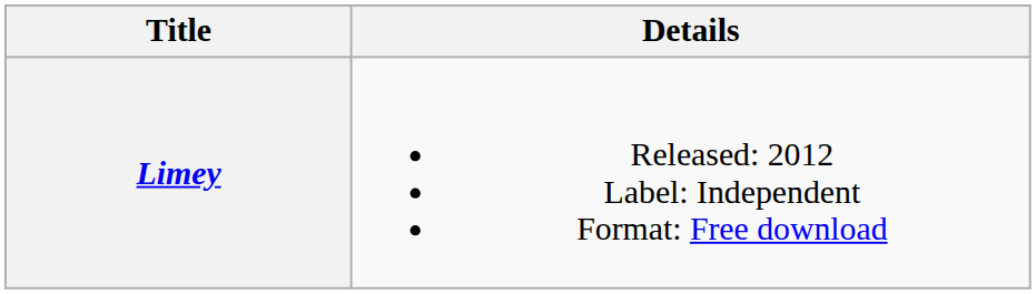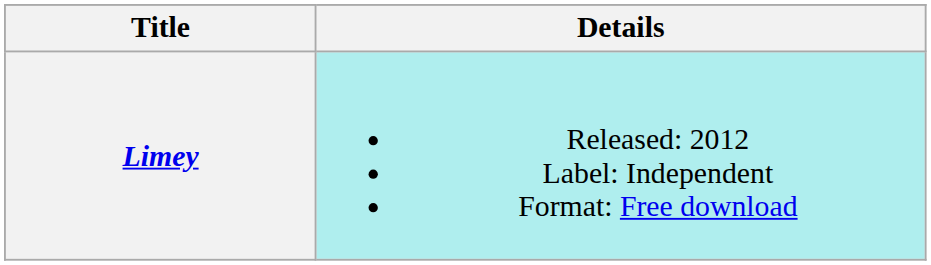 <table class="wikitable plainrowheaders" style="text-align:center;">
 <tr>
 <th scope="col" style="width:10em;">Title</th>
 <th scope="col" style="width:20em;">Details</th>
 </tr>
 <tr>
 <th scope="row"><em><a href='#'>Limey</a></em></th>
-<td><br><ul><li>Released: 2012</li><li>Label: Independent</li><li>Format: <a href='#'>Free download</a></li></ul></td>
+<td style="background: paleturquoise;"><br><ul><li>Released: 2012</li><li>Label: Independent</li><li>Format: <a href='#'>Free download</a></li></ul></td>
 </tr>
 </table>
